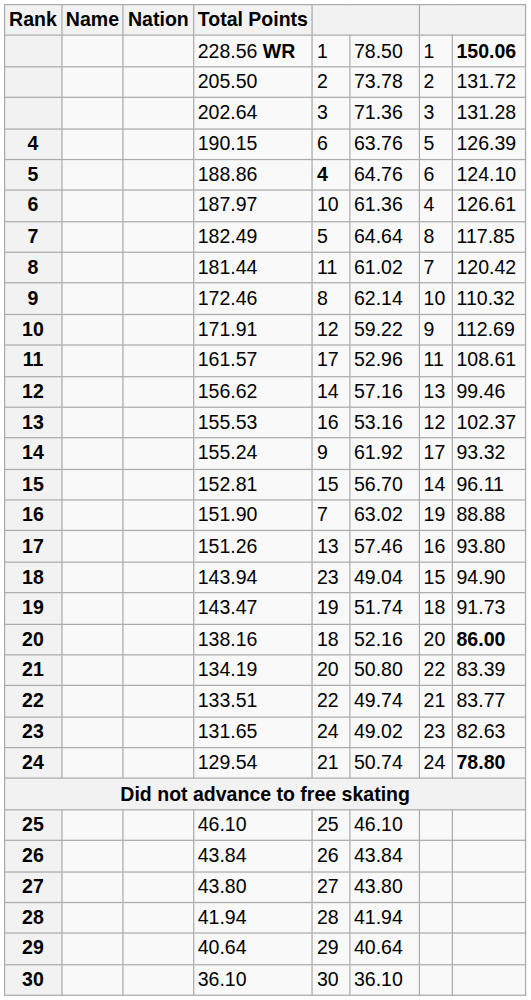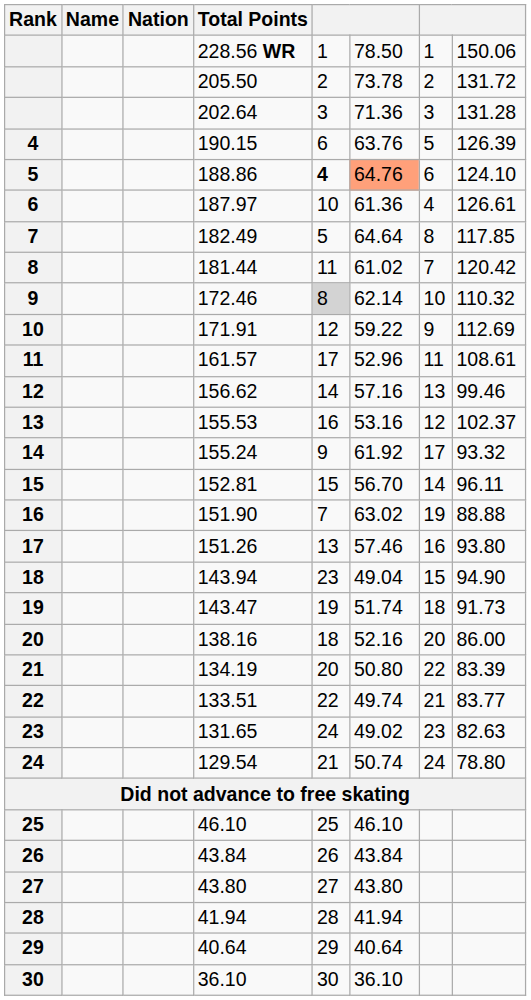 <table class="wikitable sortable">
 <tr>
 <th>Rank</th>
 <th>Name</th>
 <th>Nation</th>
 <th>Total Points</th>
 <th colspan="2" width="80px"></th>
 <th colspan="2" width="80px"></th>
 </tr>
 <tr>
 <th></th>
 <td></td>
 <td></td>
 <td>228.56 <strong>WR</strong></td>
 <td>1</td>
 <td>78.50</td>
 <td>1</td>
-<td><strong>150.06</strong></td>
+<td>150.06</td>
 </tr>
 <tr>
 <th></th>
 <td></td>
 <td></td>
 <td>205.50</td>
 <td>2</td>
 <td>73.78</td>
 <td>2</td>
 <td>131.72</td>
 </tr>
 <tr>
 <th></th>
 <td></td>
 <td></td>
 <td>202.64</td>
 <td>3</td>
 <td>71.36</td>
 <td>3</td>
 <td>131.28</td>
 </tr>
 <tr>
 <th>4</th>
 <td></td>
 <td></td>
 <td>190.15</td>
 <td>6</td>
 <td>63.76</td>
 <td>5</td>
 <td>126.39</td>
 </tr>
 <tr>
 <th>5</th>
 <td></td>
 <td></td>
 <td>188.86</td>
 <td><strong>4</strong></td>
-<td>64.76</td>
+<td style="background: lightsalmon;">64.76</td>
 <td>6</td>
 <td>124.10</td>
 </tr>
 <tr>
 <th>6</th>
 <td></td>
 <td></td>
 <td>187.97</td>
 <td>10</td>
 <td>61.36</td>
 <td>4</td>
 <td>126.61</td>
 </tr>
 <tr>
 <th>7</th>
 <td></td>
 <td></td>
 <td>182.49</td>
 <td>5</td>
 <td>64.64</td>
 <td>8</td>
 <td>117.85</td>
 </tr>
 <tr>
 <th>8</th>
 <td></td>
 <td></td>
 <td>181.44</td>
 <td>11</td>
 <td>61.02</td>
 <td>7</td>
 <td>120.42</td>
 </tr>
 <tr>
 <th>9</th>
 <td></td>
 <td></td>
 <td>172.46</td>
-<td>8</td>
+<td style="background: lightgrey;">8</td>
 <td>62.14</td>
 <td>10</td>
 <td>110.32</td>
 </tr>
 <tr>
 <th>10</th>
 <td></td>
 <td></td>
 <td>171.91</td>
 <td>12</td>
 <td>59.22</td>
 <td>9</td>
 <td>112.69</td>
 </tr>
 <tr>
 <th>11</th>
 <td></td>
 <td></td>
 <td>161.57</td>
 <td>17</td>
 <td>52.96</td>
 <td>11</td>
 <td>108.61</td>
 </tr>
 <tr>
 <th>12</th>
 <td></td>
 <td></td>
 <td>156.62</td>
 <td>14</td>
 <td>57.16</td>
 <td>13</td>
 <td>99.46</td>
 </tr>
 <tr>
 <th>13</th>
 <td></td>
 <td></td>
 <td>155.53</td>
 <td>16</td>
 <td>53.16</td>
 <td>12</td>
 <td>102.37</td>
 </tr>
 <tr>
 <th>14</th>
 <td></td>
 <td></td>
 <td>155.24</td>
 <td>9</td>
 <td>61.92</td>
 <td>17</td>
 <td>93.32</td>
 </tr>
 <tr>
 <th>15</th>
 <td></td>
 <td></td>
 <td>152.81</td>
 <td>15</td>
 <td>56.70</td>
 <td>14</td>
 <td>96.11</td>
 </tr>
 <tr>
 <th>16</th>
 <td></td>
 <td></td>
 <td>151.90</td>
 <td>7</td>
 <td>63.02</td>
 <td>19</td>
 <td>88.88</td>
 </tr>
 <tr>
 <th>17</th>
 <td></td>
 <td></td>
 <td>151.26</td>
 <td>13</td>
 <td>57.46</td>
 <td>16</td>
 <td>93.80</td>
 </tr>
 <tr>
 <th>18</th>
 <td></td>
 <td></td>
 <td>143.94</td>
 <td>23</td>
 <td>49.04</td>
 <td>15</td>
 <td>94.90</td>
 </tr>
 <tr>
 <th>19</th>
 <td></td>
 <td></td>
 <td>143.47</td>
 <td>19</td>
 <td>51.74</td>
 <td>18</td>
 <td>91.73</td>
 </tr>
 <tr>
 <th>20</th>
 <td></td>
 <td></td>
 <td>138.16</td>
 <td>18</td>
 <td>52.16</td>
 <td>20</td>
-<td><strong>86.00</strong></td>
+<td>86.00</td>
 </tr>
 <tr>
 <th>21</th>
 <td></td>
 <td></td>
 <td>134.19</td>
 <td>20</td>
 <td>50.80</td>
 <td>22</td>
 <td>83.39</td>
 </tr>
 <tr>
 <th>22</th>
 <td></td>
 <td></td>
 <td>133.51</td>
 <td>22</td>
 <td>49.74</td>
 <td>21</td>
 <td>83.77</td>
 </tr>
 <tr>
 <th>23</th>
 <td></td>
 <td></td>
 <td>131.65</td>
 <td>24</td>
 <td>49.02</td>
 <td>23</td>
 <td>82.63</td>
 </tr>
 <tr>
 <th>24</th>
 <td></td>
 <td></td>
 <td>129.54</td>
 <td>21</td>
 <td>50.74</td>
 <td>24</td>
-<td><strong>78.80</strong></td>
+<td>78.80</td>
 </tr>
 <tr>
 <th colspan=8>Did not advance to free skating</th>
 </tr>
 <tr>
 <th>25</th>
 <td></td>
 <td></td>
 <td>46.10</td>
 <td>25</td>
 <td>46.10</td>
 <td></td>
 <td></td>
 </tr>
 <tr>
 <th>26</th>
 <td></td>
 <td></td>
 <td>43.84</td>
 <td>26</td>
 <td>43.84</td>
 <td></td>
 <td></td>
 </tr>
 <tr>
 <th>27</th>
 <td></td>
 <td></td>
 <td>43.80</td>
 <td>27</td>
 <td>43.80</td>
 <td></td>
 <td></td>
 </tr>
 <tr>
 <th>28</th>
 <td></td>
 <td></td>
 <td>41.94</td>
 <td>28</td>
 <td>41.94</td>
 <td></td>
 <td></td>
 </tr>
 <tr>
 <th>29</th>
 <td></td>
 <td></td>
 <td>40.64</td>
 <td>29</td>
 <td>40.64</td>
 <td></td>
 <td></td>
 </tr>
 <tr>
 <th>30</th>
 <td></td>
 <td></td>
 <td>36.10</td>
 <td>30</td>
 <td>36.10</td>
 <td></td>
 <td></td>
 </tr>
 </table>
